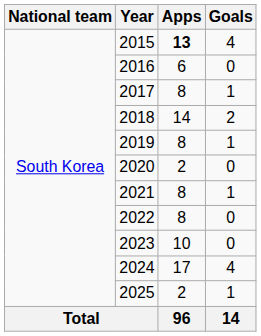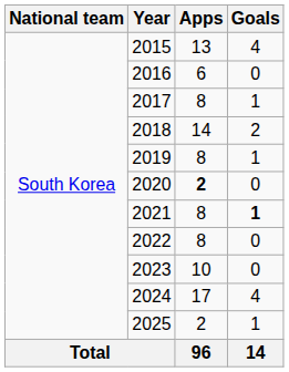 <table class=wikitable style=text-align:center>
 <tr>
 <th>National team</th>
 <th>Year</th>
 <th>Apps</th>
 <th>Goals</th>
 </tr>
 <tr>
 <td rowspan="11"><a href='#'>South Korea</a></td>
 <td>2015</td>
-<td><strong>13</strong></td>
+<td>13</td>
 <td>4</td>
 </tr>
 <tr>
 <td>2016</td>
 <td>6</td>
 <td>0</td>
 </tr>
 <tr>
 <td>2017</td>
 <td>8</td>
 <td>1</td>
 </tr>
 <tr>
 <td>2018</td>
 <td>14</td>
 <td>2</td>
 </tr>
 <tr>
 <td>2019</td>
 <td>8</td>
 <td>1</td>
 </tr>
 <tr>
 <td>2020</td>
-<td>2</td>
+<td><strong>2</strong></td>
 <td>0</td>
 </tr>
 <tr>
 <td>2021</td>
 <td>8</td>
-<td>1</td>
+<td><strong>1</strong></td>
 </tr>
 <tr>
 <td>2022</td>
 <td>8</td>
 <td>0</td>
 </tr>
 <tr>
 <td>2023</td>
 <td>10</td>
 <td>0</td>
 </tr>
 <tr>
 <td>2024</td>
 <td>17</td>
 <td>4</td>
 </tr>
 <tr>
 <td>2025</td>
 <td>2</td>
 <td>1</td>
 </tr>
 <tr>
 <th colspan="2">Total</th>
 <th>96</th>
 <th>14</th>
 </tr>
 </table>
